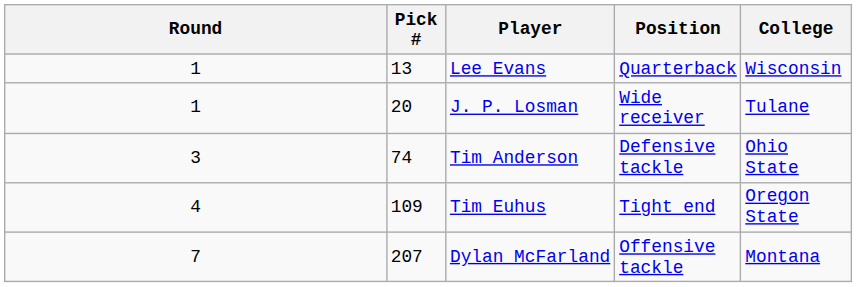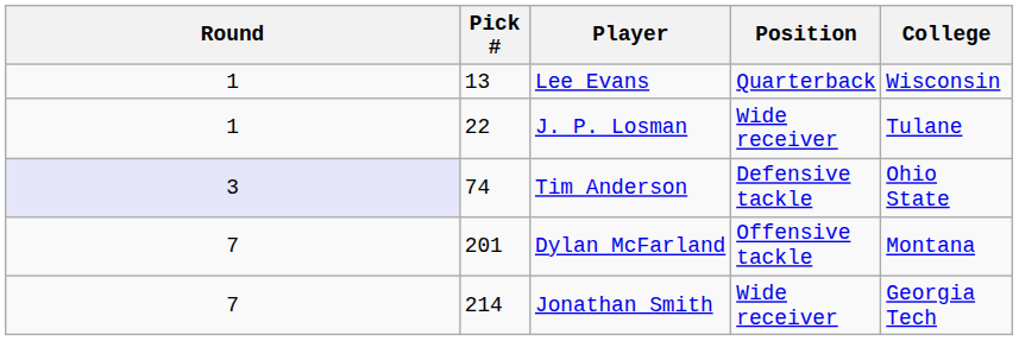 <table class="wikitable sortable sortable" style="width: 70%">
 <tr>
 <th>Round</th>
 <th width=7%>Pick #</th>
 <th width=20%>Player</th>
 <th width=13%>Position</th>
 <th width=13%>College</th>
 </tr>
 <tr>
 <td align=center>1</td>
 <td>13</td>
 <td><a href='#'>Lee Evans</a></td>
 <td><a href='#'>Quarterback</a></td>
 <td><a href='#'>Wisconsin</a></td>
 </tr>
 <tr>
 <td align=center>1</td>
-<td>20</td>
+<td>22</td>
 <td><a href='#'>J. P. Losman</a></td>
 <td><a href='#'>Wide receiver</a></td>
 <td><a href='#'>Tulane</a></td>
 </tr>
 <tr>
-<td align=center>3</td>
+<td align=center style="background: lavender;">3</td>
 <td>74</td>
 <td><a href='#'>Tim Anderson</a></td>
 <td><a href='#'>Defensive tackle</a></td>
 <td><a href='#'>Ohio State</a></td>
 </tr>
 <tr>
-<td align=center>4</td>
-<td>109</td>
-<td><a href='#'>Tim Euhus</a></td>
-<td><a href='#'>Tight end</a></td>
-<td><a href='#'>Oregon State</a></td>
-</tr>
-<tr>
 <td align=center>7</td>
-<td>207</td>
+<td>201</td>
 <td><a href='#'>Dylan McFarland</a></td>
 <td><a href='#'>Offensive tackle</a></td>
 <td><a href='#'>Montana</a></td>
 </tr>
+<tr>
+<td align=center>7</td>
+<td>214</td>
+<td><a href='#'>Jonathan Smith</a></td>
+<td><a href='#'>Wide receiver</a></td>
+<td><a href='#'>Georgia Tech</a></td>
+</tr>
 </table>
